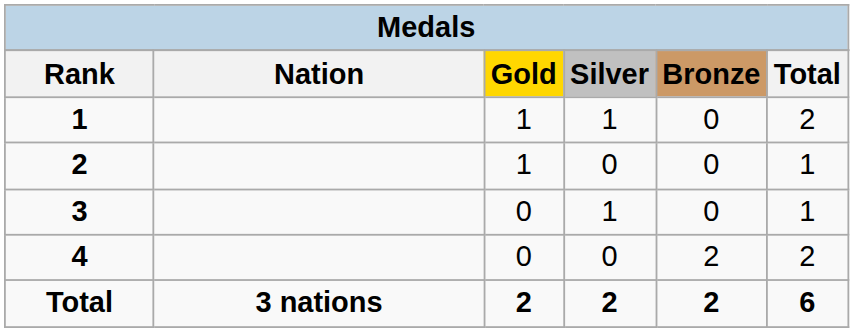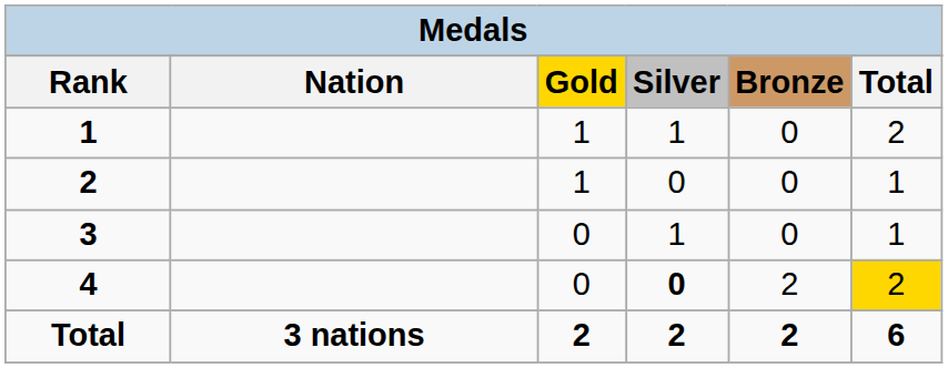 <table class="wikitable" style="text-align:center">
 <tr>
 <td colspan="6" style="background:#BCD4E6"><strong>Medals</strong></td>
 </tr>
 <tr>
 </tr>
 <tr style="background-color:#EDEDED;">
 <th width="75px" class="hintergrundfarbe5">Rank</th>
 <th width="175px" class="hintergrundfarbe6">Nation</th>
 <th style="background:    gold; width:35px ">Gold</th>
 <th style="background:  silver; width:35px ">Silver</th>
 <th style="background: #CC9966; width:35px ">Bronze</th>
 <th width="35px">Total</th>
 </tr>
 <tr>
 <td><strong>1</strong></td>
 <td align=left></td>
 <td>1</td>
 <td>1</td>
 <td>0</td>
 <td>2</td>
 </tr>
 <tr>
 <td><strong>2</strong></td>
 <td align=left></td>
 <td>1</td>
 <td>0</td>
 <td>0</td>
 <td>1</td>
 </tr>
 <tr>
 <td><strong>3</strong></td>
 <td align=left></td>
 <td>0</td>
 <td>1</td>
 <td>0</td>
 <td>1</td>
 </tr>
 <tr>
 <td><strong>4</strong></td>
 <td align=left></td>
 <td>0</td>
-<td>0</td>
+<td><strong>0</strong></td>
 <td>2</td>
-<td>2</td>
+<td style="background: gold;">2</td>
 </tr>
 <tr>
 <td><strong>Total</strong></td>
 <td><strong>3 nations</strong></td>
 <td><strong>2</strong></td>
 <td><strong>2</strong></td>
 <td><strong>2</strong></td>
 <td><strong>6</strong></td>
 </tr>
 </table>
